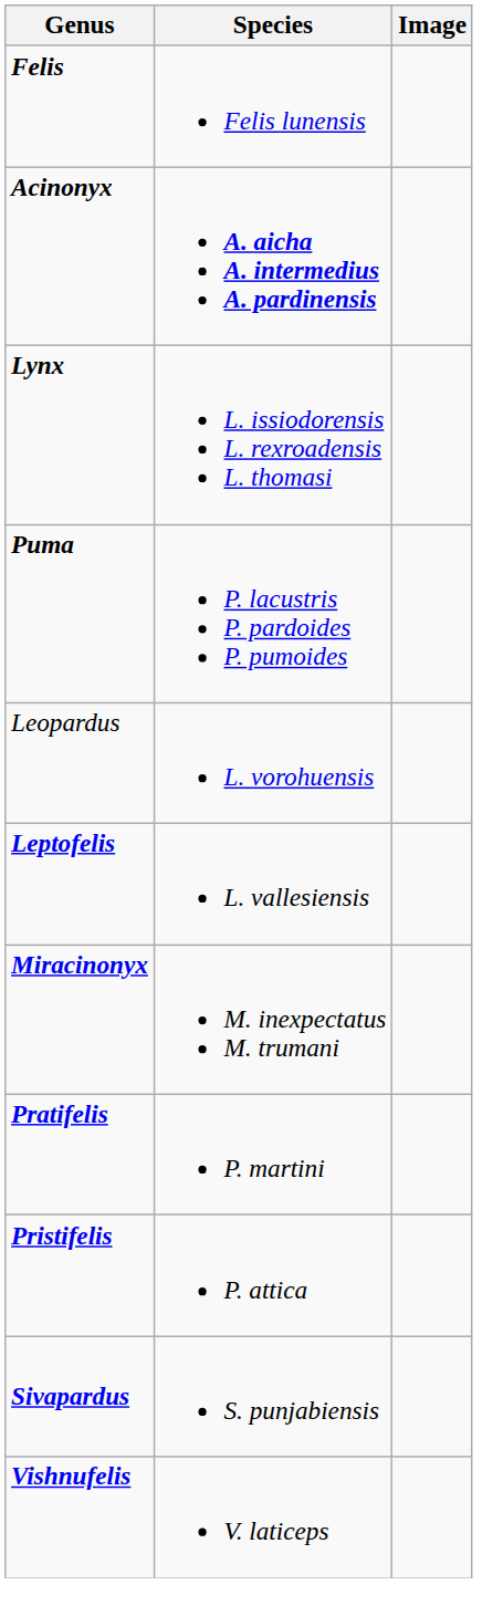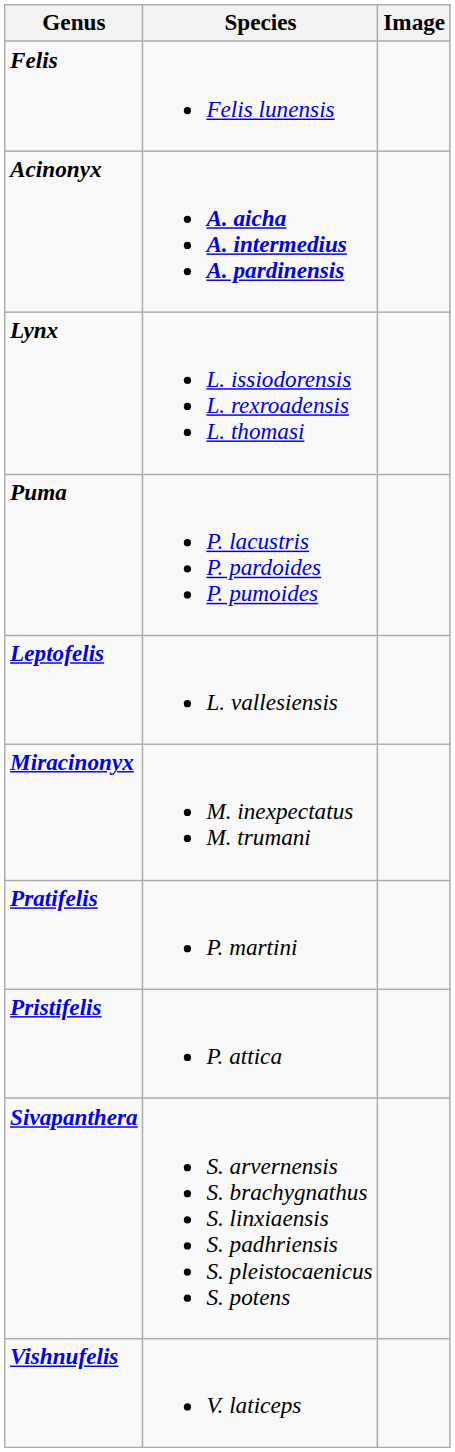 <table class="wikitable">
 <tr>
 <th>Genus</th>
 <th>Species</th>
 <th>Image</th>
 </tr>
 <tr style="vertical-align:top;">
 <td><strong><em>Felis</em></strong></td>
 <td><br><ul><li><em><a href='#'>Felis lunensis</a></em></li></ul></td>
 <td></td>
 </tr>
 <tr style="vertical-align:top;">
 <td><strong><em>Acinonyx</em></strong></td>
 <td><strong><br><ul><li><em><a href='#'>A. aicha</a></em></li><li><em><a href='#'>A. intermedius</a></em></li><li><em><a href='#'>A. pardinensis</a></em></li></ul></strong></td>
 <td><br></td>
 </tr>
 <tr style="vertical-align:top;">
 <td><strong><em>Lynx</em></strong></td>
 <td><br><ul><li><em><a href='#'>L. issiodorensis</a></em></li><li><em><a href='#'>L. rexroadensis</a></em></li><li><em><a href='#'>L. thomasi</a></em></li></ul></td>
 <td></td>
 </tr>
 <tr style="vertical-align:top;">
 <td><strong><em>Puma</em></strong></td>
 <td><br><ul><li><em><a href='#'>P. lacustris</a></em></li><li><em><a href='#'>P. pardoides</a></em></li><li><em><a href='#'>P. pumoides</a></em></li></ul></td>
 <td><br></td>
 </tr>
 <tr style="vertical-align:top;">
-<td><em>Leopardus</em></td>
-<td><br><ul><li><em><a href='#'>L. vorohuensis</a></em></li></ul></td>
-<td></td>
-</tr>
-<tr style="vertical-align:top;">
 <td><strong><em><a href='#'>Leptofelis</a></em></strong> </td>
 <td><br><ul><li><em>L. vallesiensis</em></li></ul></td>
 <td></td>
 </tr>
 <tr style="vertical-align:top;">
 <td><strong><em><a href='#'>Miracinonyx</a></em></strong> </td>
 <td><br><ul><li><em>M. inexpectatus</em></li><li><em>M. trumani</em></li></ul></td>
 <td></td>
 </tr>
 <tr style="vertical-align:top;">
 <td><strong><em><a href='#'>Pratifelis</a></em></strong> </td>
 <td><br><ul><li><em>P. martini</em></li></ul></td>
 <td></td>
 </tr>
 <tr style="vertical-align:top;">
 <td><strong><em><a href='#'>Pristifelis</a></em></strong> </td>
 <td><br><ul><li><em>P. attica</em></li></ul></td>
 <td></td>
 </tr>
-<tr>
-<td><strong><em><a href='#'>Sivapardus</a></em></strong> </td>
-<td><br><ul><li><em>S. punjabiensis</em></li></ul></td>
+<tr style="vertical-align:top;">
+<td><strong><em><a href='#'>Sivapanthera</a></em></strong> </td>
+<td><br><ul><li><em>S. arvernensis</em></li><li><em>S. brachygnathus</em></li><li><em>S. linxiaensis</em></li><li><em>S. padhriensis</em></li><li><em>S. pleistocaenicus</em></li><li><em>S. potens</em></li></ul></td>
 <td></td>
 </tr>
 <tr style="vertical-align:top;">
 <td><strong><em><a href='#'>Vishnufelis</a></em></strong> </td>
 <td><br><ul><li><em>V. laticeps</em></li></ul></td>
 <td></td>
 </tr>
 </table>
